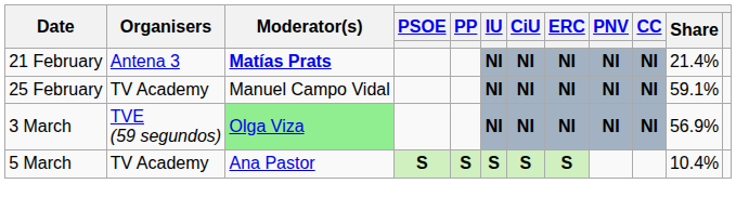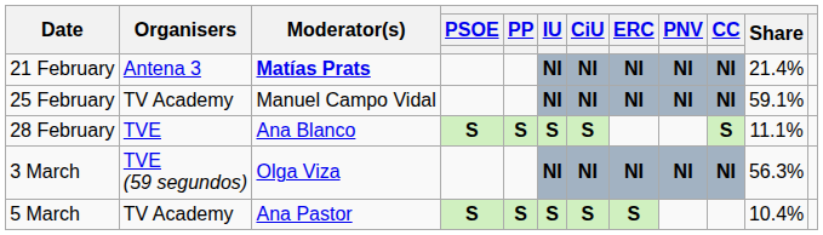 <table class="wikitable" style="text-align:center;">
 <tr>
 <th rowspan="3">Date</th>
 <th rowspan="3">Organisers</th>
 <th rowspan="3">Moderator(s)</th>
 <th colspan="9">      </th>
 </tr>
 <tr>
 <th scope="col" style="width:5em;"><a href='#'>PSOE</a></th>
 <th scope="col" style="width:5em;"><a href='#'>PP</a></th>
 <th scope="col" style="width:5em;"><a href='#'>IU</a></th>
 <th scope="col" style="width:5em;"><a href='#'>CiU</a></th>
 <th scope="col" style="width:5em;"><a href='#'>ERC</a></th>
 <th scope="col" style="width:5em;"><a href='#'>PNV</a></th>
 <th scope="col" style="width:5em;"><a href='#'>CC</a></th>
 <th rowspan="2" scope="col" style="width:5em;">Share</th>
 <th rowspan="2"></th>
 </tr>
 <tr>
 <th style="color:inherit;background:"></th>
 <th style="color:inherit;background:"></th>
 <th style="color:inherit;background:"></th>
 <th style="color:inherit;background:"></th>
 <th style="color:inherit;background:"></th>
 <th style="color:inherit;background:"></th>
 <th style="color:inherit;background:"></th>
 </tr>
 <tr>
 <td style="white-space:nowrap; text-align:left;">21 February</td>
 <td style="white-space:nowrap; text-align:left;"><a href='#'>Antena 3</a></td>
 <td style="white-space:nowrap; text-align:left;"><strong><a href='#'>Matías Prats</a></strong></td>
 <td></td>
 <td></td>
 <td style="background:#A2B2C2;"><strong>NI</strong></td>
 <td style="background:#A2B2C2;"><strong>NI</strong></td>
 <td style="background:#A2B2C2;"><strong>NI</strong></td>
 <td style="background:#A2B2C2;"><strong>NI</strong></td>
 <td style="background:#A2B2C2;"><strong>NI</strong></td>
 <td>21.4%<br></td>
 <td><br></td>
 </tr>
 <tr>
 <td style="white-space:nowrap; text-align:left;">25 February</td>
 <td style="white-space:nowrap; text-align:left;">TV Academy</td>
 <td style="white-space:nowrap; text-align:left;">Manuel Campo Vidal</td>
 <td></td>
 <td></td>
 <td style="background:#A2B2C2;"><strong>NI</strong></td>
 <td style="background:#A2B2C2;"><strong>NI</strong></td>
 <td style="background:#A2B2C2;"><strong>NI</strong></td>
 <td style="background:#A2B2C2;"><strong>NI</strong></td>
 <td style="background:#A2B2C2;"><strong>NI</strong></td>
 <td>59.1%<br></td>
 <td><br></td>
 </tr>
 <tr>
+<td style="white-space:nowrap; text-align:left;">28 February</td>
+<td style="white-space:nowrap; text-align:left;"><a href='#'>TVE</a></td>
+<td style="white-space:nowrap; text-align:left;"><a href='#'>Ana Blanco</a></td>
+<td style="background:#D0F0C0;"><strong>S</strong><br></td>
+<td style="background:#D0F0C0;"><strong>S</strong><br></td>
+<td style="background:#D0F0C0;"><strong>S</strong><br></td>
+<td style="background:#D0F0C0;"><strong>S</strong><br></td>
+<td></td>
+<td></td>
+<td style="background:#D0F0C0;"><strong>S</strong><br></td>
+<td>11.1%<br></td>
+<td></td>
+</tr>
+<tr>
 <td style="white-space:nowrap; text-align:left;">3 March</td>
 <td style="white-space:nowrap; text-align:left;"><a href='#'>TVE</a><br><em>(59 segundos)</em></td>
-<td style="background: lightgreen; white-space:nowrap; text-align:left;"><a href='#'>Olga Viza</a></td>
+<td style="white-space:nowrap; text-align:left;"><a href='#'>Olga Viza</a></td>
 <td></td>
 <td></td>
 <td style="background:#A2B2C2;"><strong>NI</strong></td>
 <td style="background:#A2B2C2;"><strong>NI</strong></td>
 <td style="background:#A2B2C2;"><strong>NI</strong></td>
 <td style="background:#A2B2C2;"><strong>NI</strong></td>
 <td style="background:#A2B2C2;"><strong>NI</strong></td>
-<td>56.9%<br></td>
+<td>56.3%<br></td>
 <td><br></td>
 </tr>
 <tr>
 <td style="white-space:nowrap; text-align:left;">5 March</td>
 <td style="white-space:nowrap; text-align:left;">TV Academy</td>
 <td style="white-space:nowrap; text-align:left;"><a href='#'>Ana Pastor</a></td>
 <td style="background:#D0F0C0;"><strong>S</strong><br></td>
 <td style="background:#D0F0C0;"><strong>S</strong><br></td>
 <td style="background:#D0F0C0;"><strong>S</strong><br></td>
 <td style="background:#D0F0C0;"><strong>S</strong><br></td>
 <td style="background:#D0F0C0;"><strong>S</strong><br></td>
 <td></td>
 <td></td>
 <td>10.4%<br></td>
 <td></td>
 </tr>
 </table>
